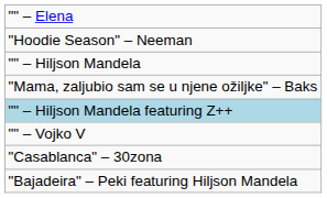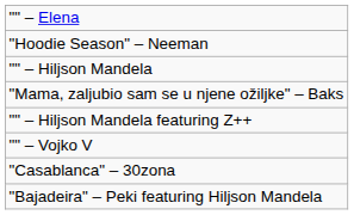 <table class="wikitable mw-collapsible mw-collapsed">
 <tr>
 <td>"" – <a href='#'>Elena</a></td>
 </tr>
 <tr>
 <td>"Hoodie Season" – Neeman</td>
 </tr>
 <tr>
 <td>"" – Hiljson Mandela</td>
 </tr>
 <tr>
 <td>"Mama, zaljubio sam se u njene ožiljke" – Baks</td>
 </tr>
 <tr>
-<td style="background: lightblue;">"" – Hiljson Mandela featuring Z++</td>
+<td>"" – Hiljson Mandela featuring Z++</td>
 </tr>
 <tr>
 <td>"" – Vojko V</td>
 </tr>
 <tr>
 <td>"Casablanca" – 30zona</td>
 </tr>
 <tr>
 <td>"Bajadeira" – Peki featuring Hiljson Mandela</td>
 </tr>
 </table>
